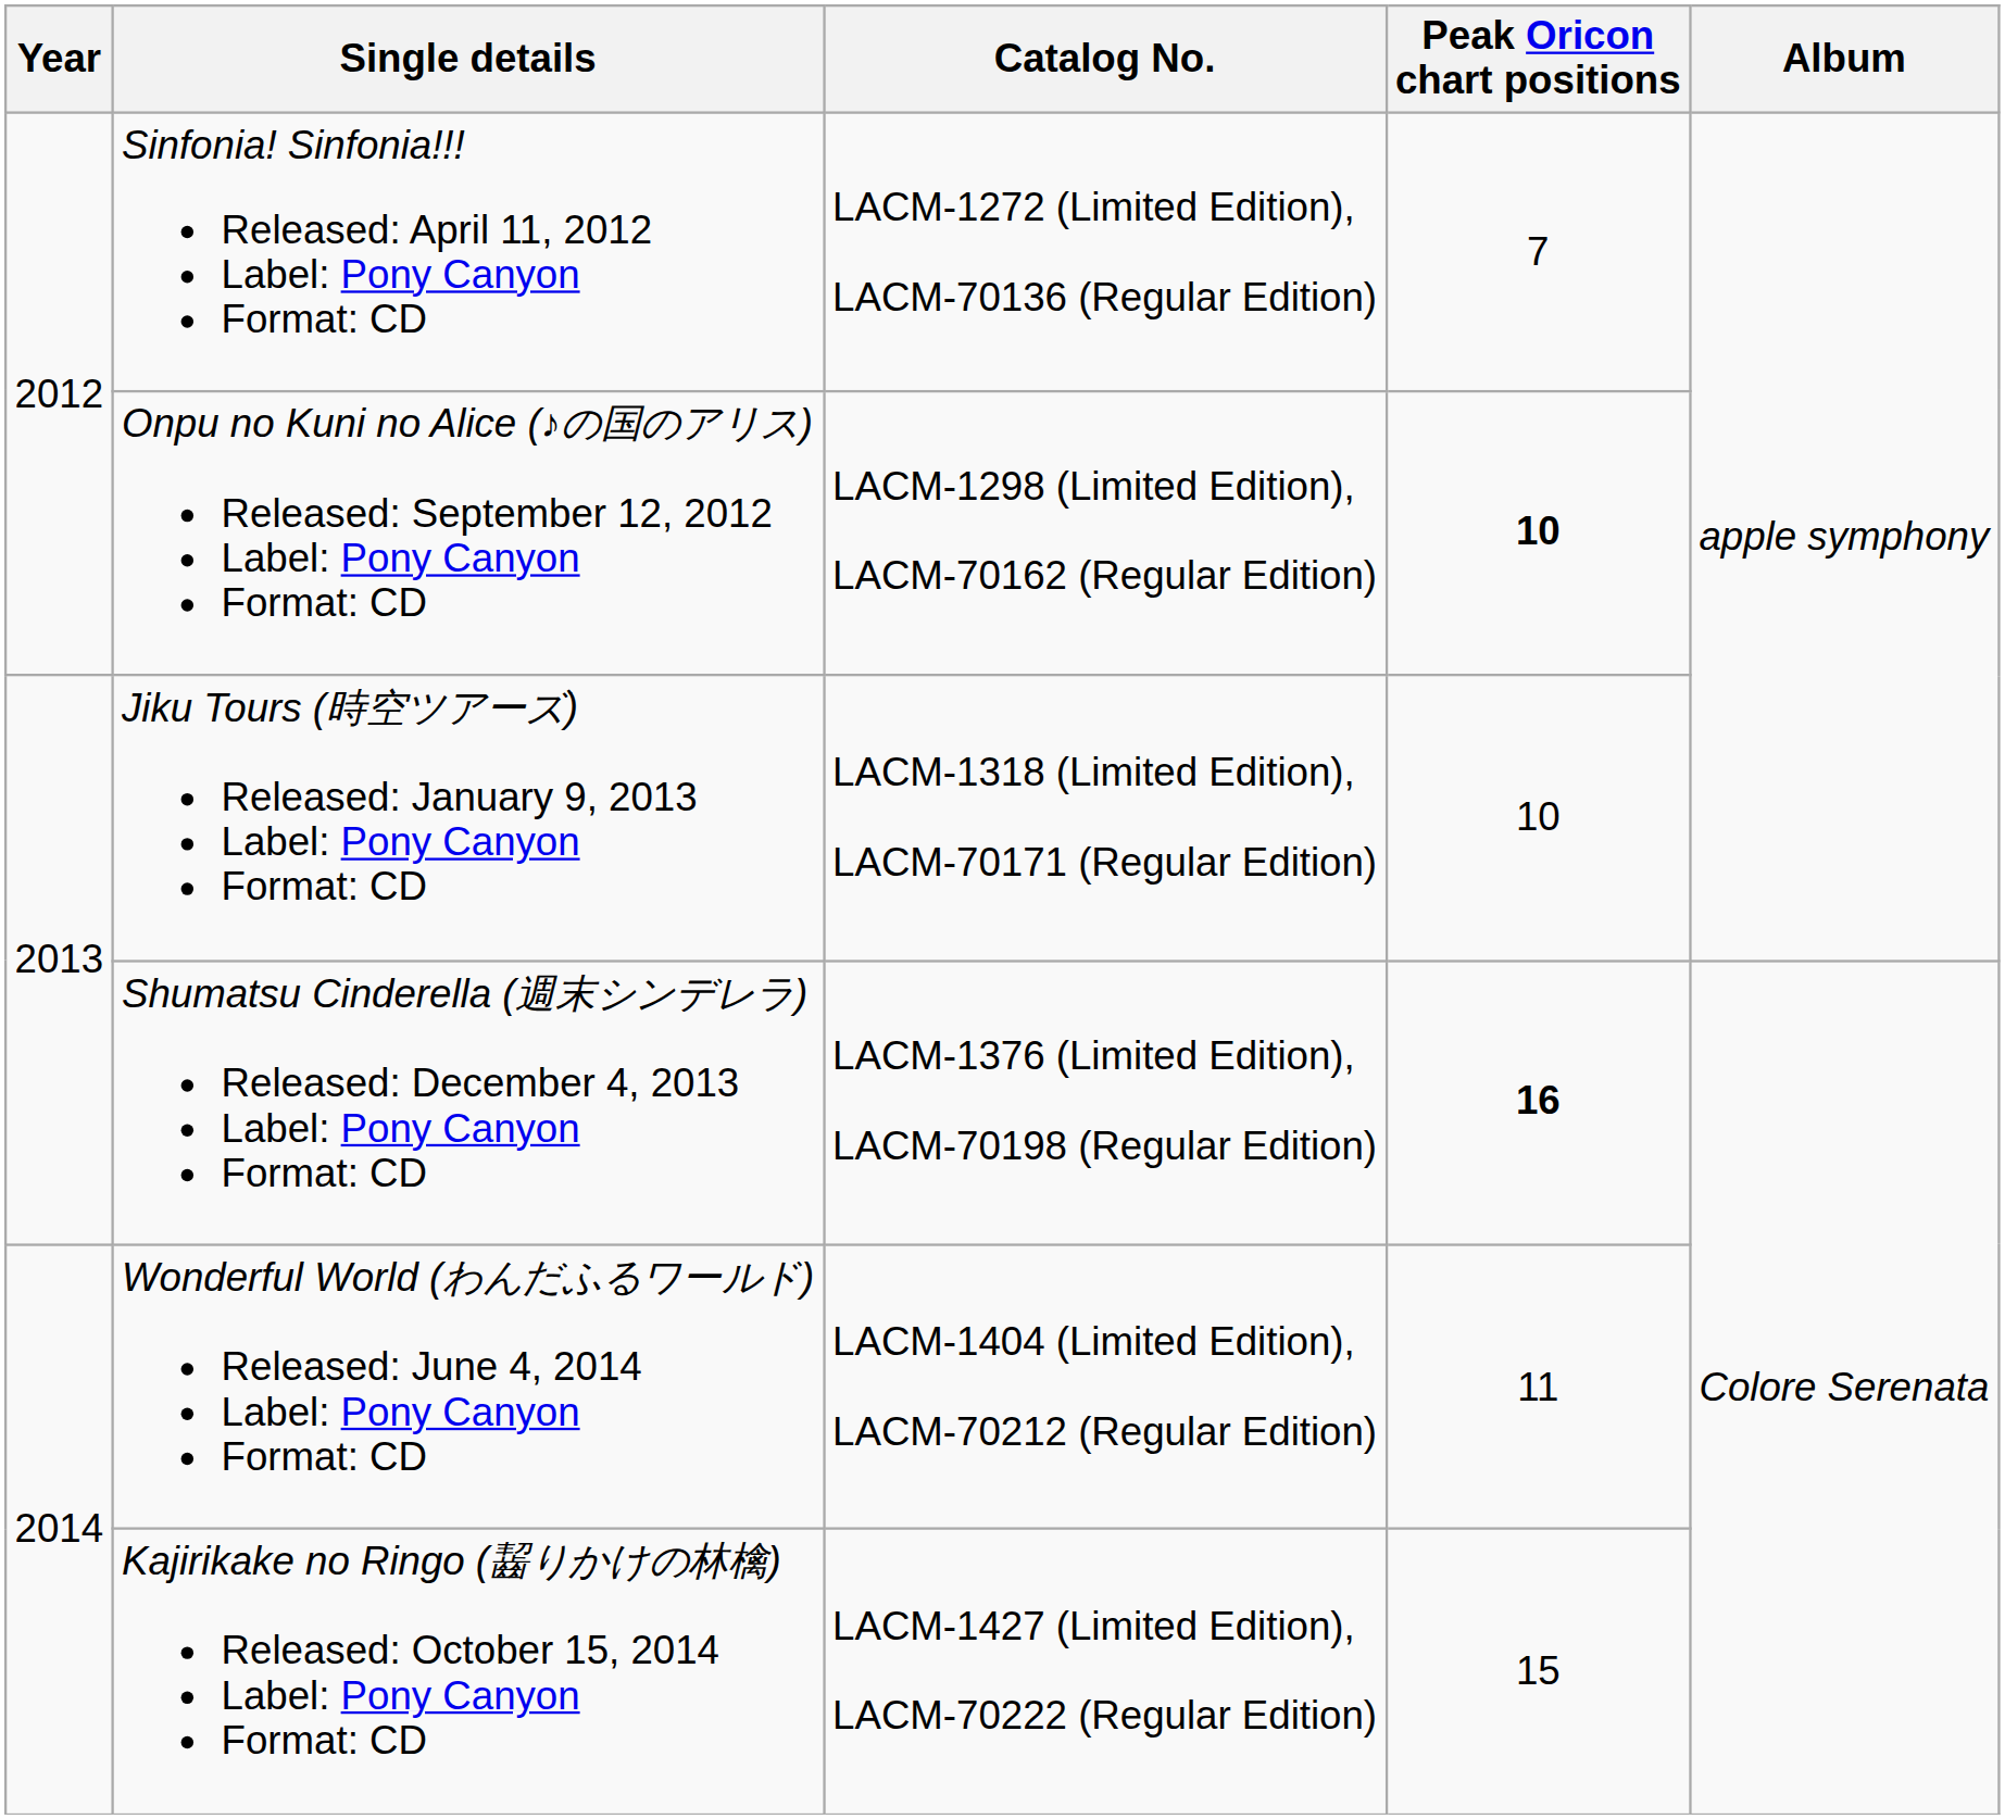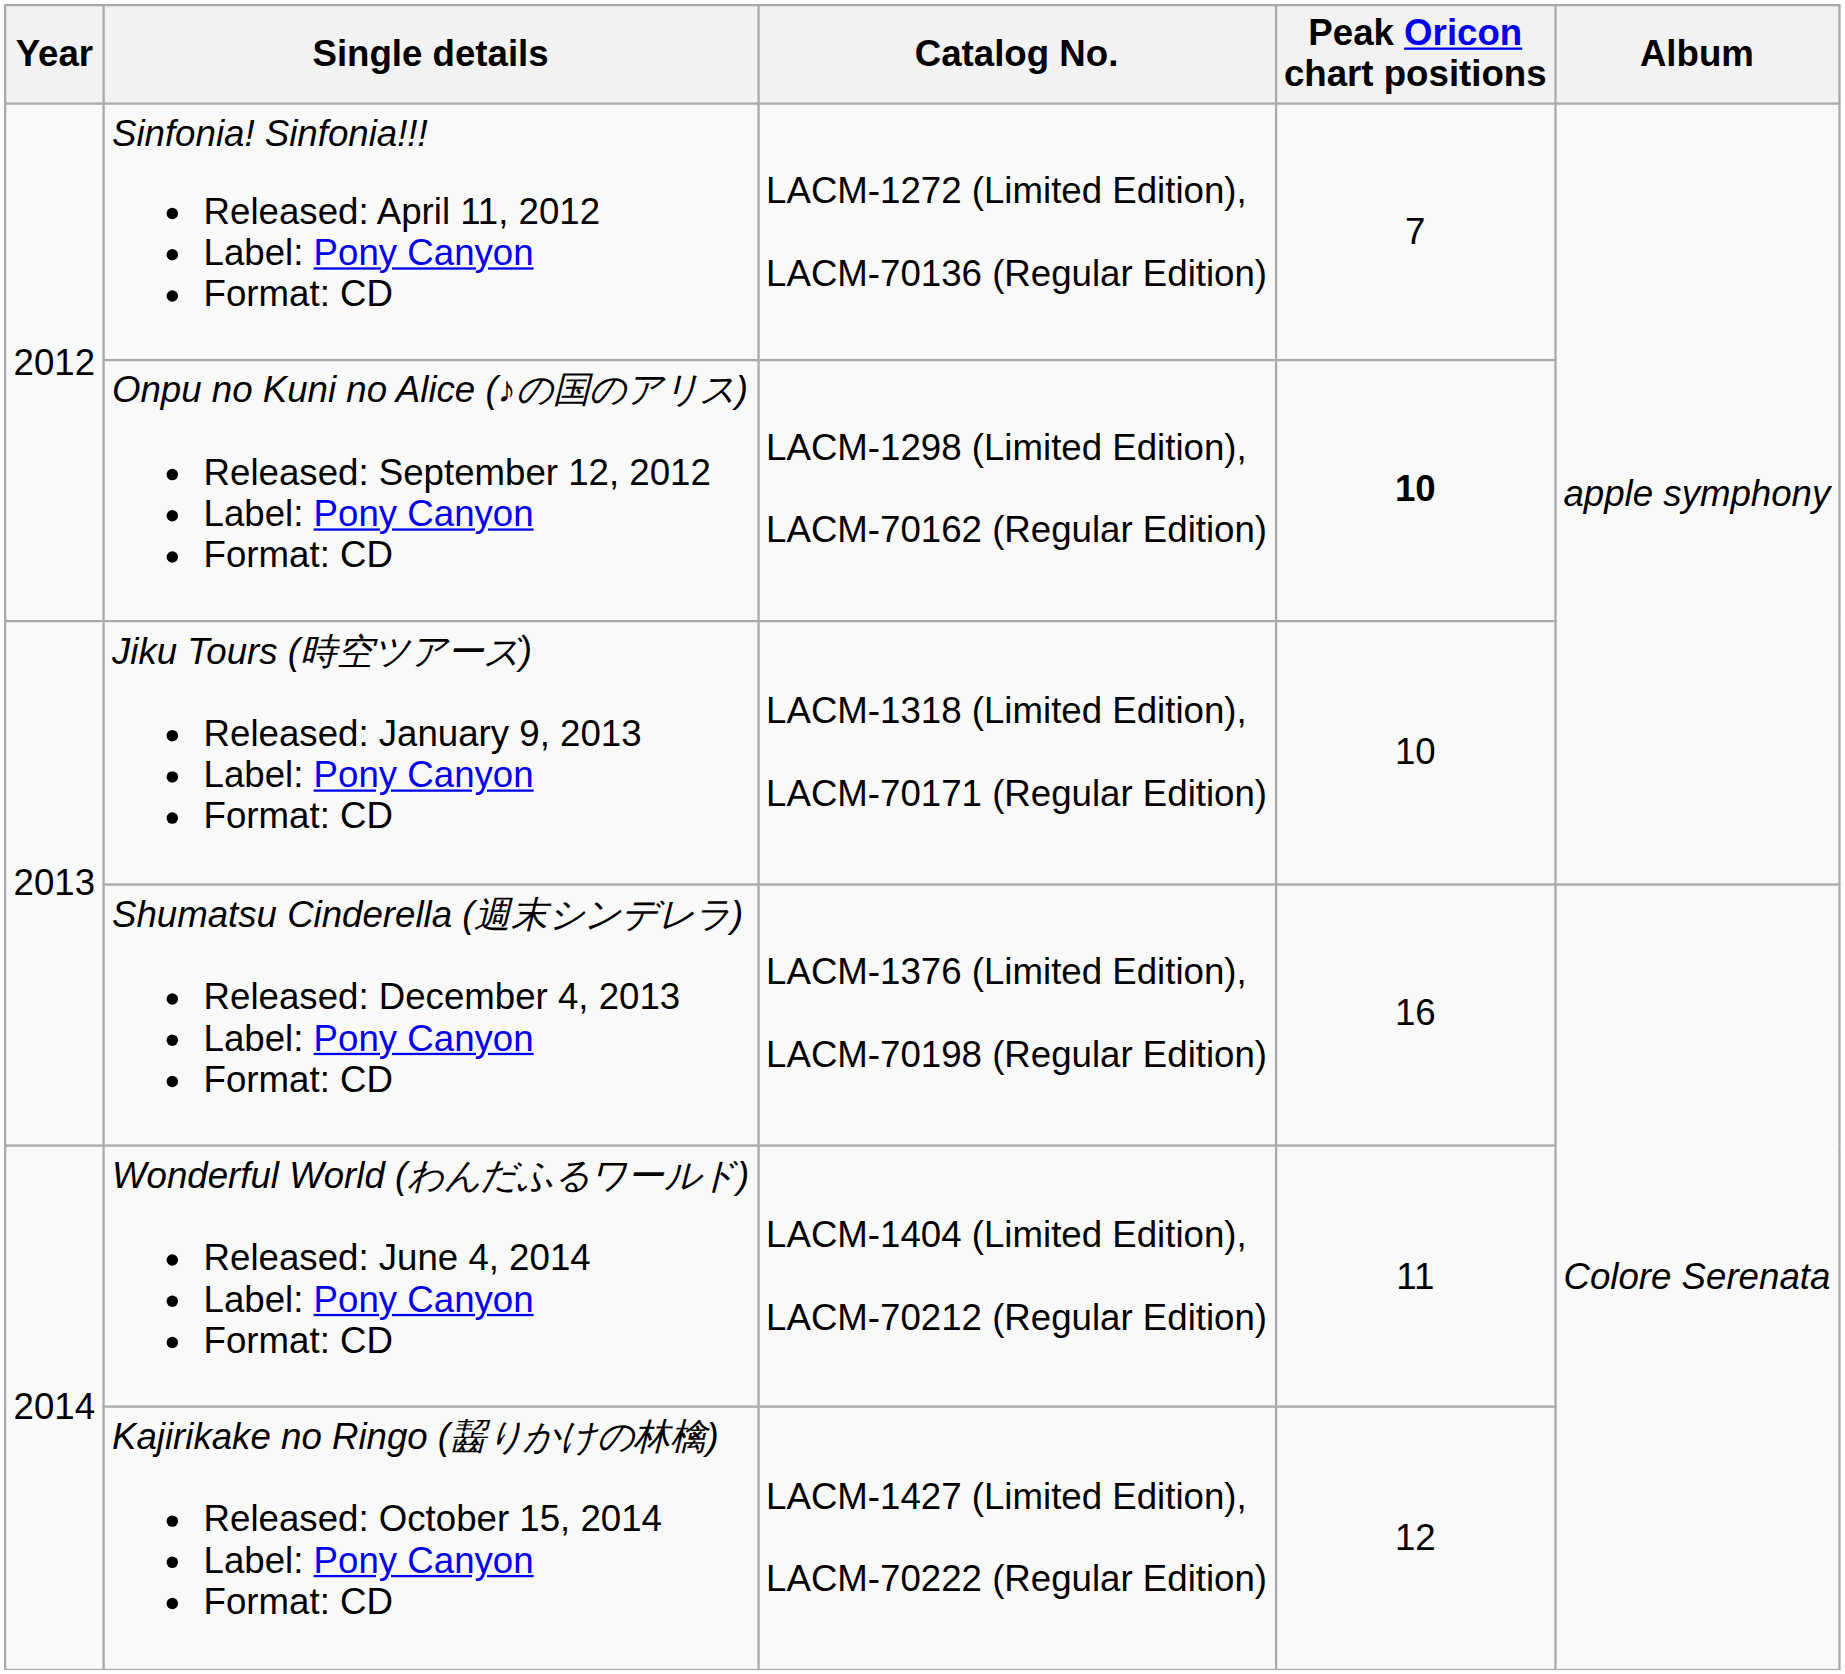 <table class="wikitable">
 <tr>
 <th>Year</th>
 <th>Single details</th>
 <th>Catalog No.</th>
 <th>Peak <a href='#'>Oricon</a><br> chart positions</th>
 <th>Album</th>
 </tr>
 <tr>
 <td rowspan="2">2012</td>
 <td align="left"><em>Sinfonia! Sinfonia!!!</em><br><ul><li>Released: April 11, 2012</li><li>Label: <a href='#'>Pony Canyon</a></li><li>Format: CD</li></ul></td>
 <td>LACM-1272 (Limited Edition),<br><br>LACM-70136 (Regular Edition)</td>
 <td align="center">7</td>
 <td rowspan="3"><em>apple symphony</em></td>
 </tr>
 <tr>
 <td align="left"><em>Onpu no Kuni no Alice (♪の国のアリス)</em><br><ul><li>Released: September 12, 2012</li><li>Label: <a href='#'>Pony Canyon</a></li><li>Format: CD</li></ul></td>
 <td>LACM-1298 (Limited Edition),<br><br>LACM-70162 (Regular Edition)</td>
 <td align="center"><strong>10</strong></td>
 </tr>
 <tr>
 <td rowspan="2">2013</td>
 <td align="left"><em>Jiku Tours (時空ツアーズ)</em><br><ul><li>Released: January 9, 2013</li><li>Label: <a href='#'>Pony Canyon</a></li><li>Format: CD</li></ul></td>
 <td>LACM-1318 (Limited Edition),<br><br>LACM-70171 (Regular Edition)</td>
 <td align="center">10</td>
 </tr>
 <tr>
 <td align="left"><em>Shumatsu Cinderella (週末シンデレラ)</em><br><ul><li>Released: December 4, 2013</li><li>Label: <a href='#'>Pony Canyon</a></li><li>Format: CD</li></ul></td>
 <td>LACM-1376 (Limited Edition),<br><br>LACM-70198 (Regular Edition)</td>
-<td align="center"><strong>16</strong></td>
+<td align="center">16</td>
 <td rowspan="3"><em>Colore Serenata</em></td>
 </tr>
 <tr>
 <td rowspan="2">2014</td>
 <td align="left"><em>Wonderful World (わんだふるワールド)</em><br><ul><li>Released: June 4, 2014</li><li>Label: <a href='#'>Pony Canyon</a></li><li>Format: CD</li></ul></td>
 <td>LACM-1404 (Limited Edition),<br><br>LACM-70212 (Regular Edition)</td>
 <td align="center">11</td>
 </tr>
 <tr>
 <td align="left"><em>Kajirikake no Ringo (齧りかけの林檎)</em><br><ul><li>Released: October 15, 2014</li><li>Label: <a href='#'>Pony Canyon</a></li><li>Format: CD</li></ul></td>
 <td>LACM-1427 (Limited Edition),<br><br>LACM-70222 (Regular Edition)</td>
-<td align="center">15</td>
+<td align="center">12</td>
 </tr>
 </table>
